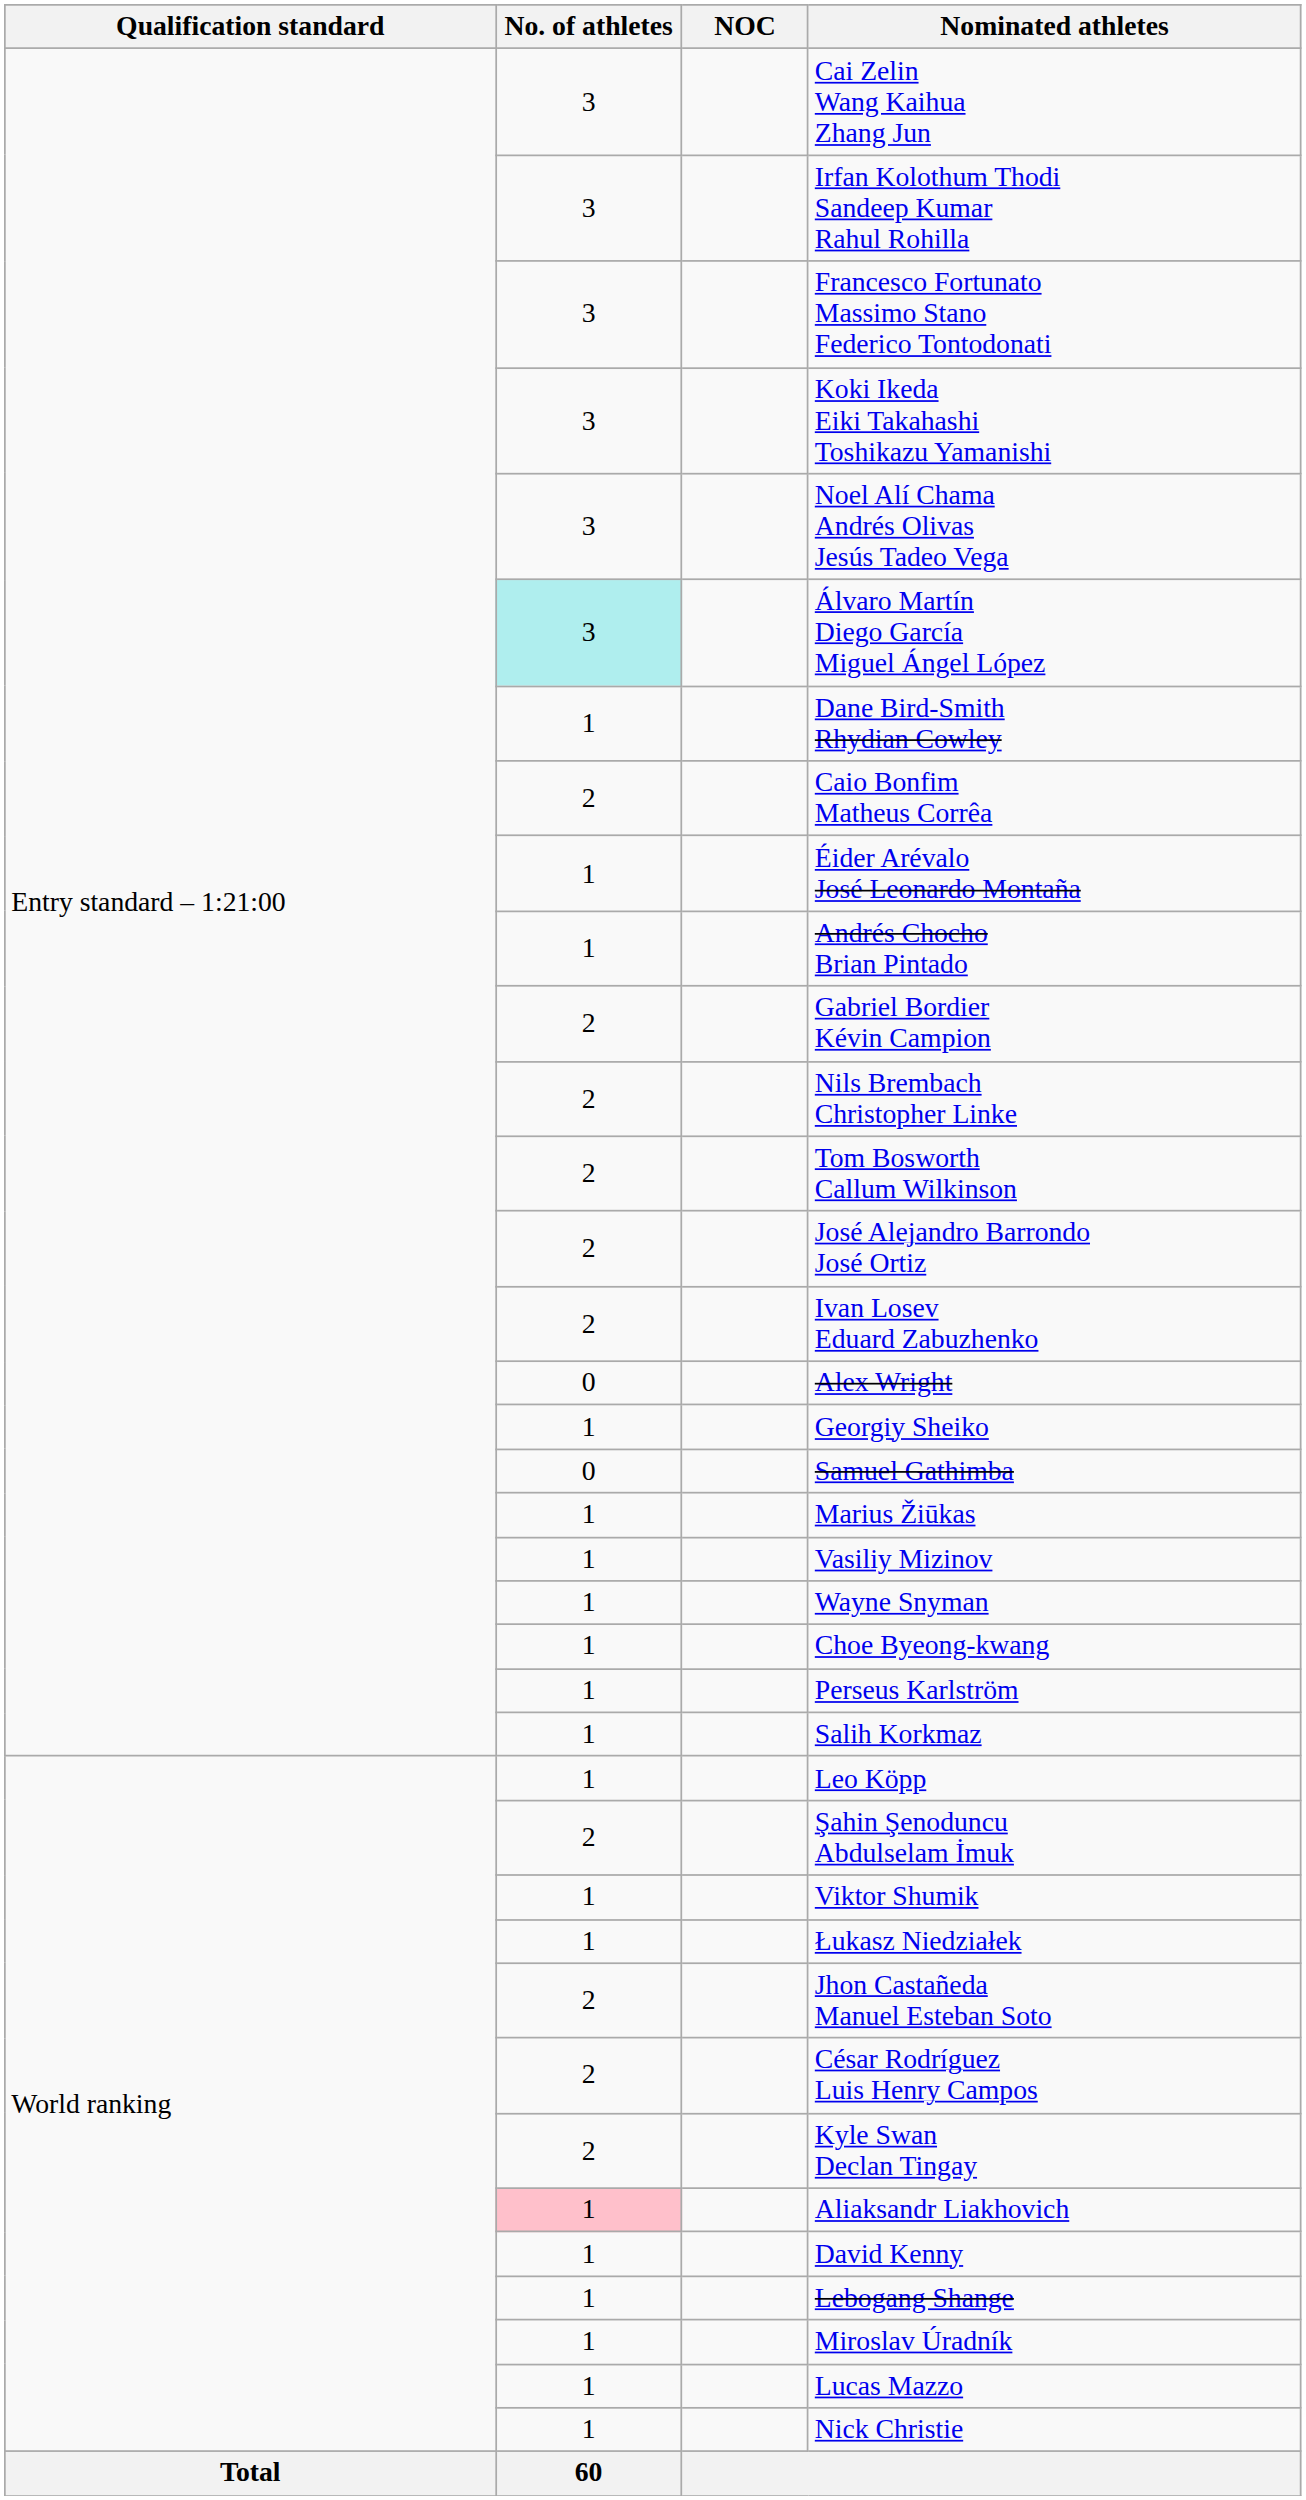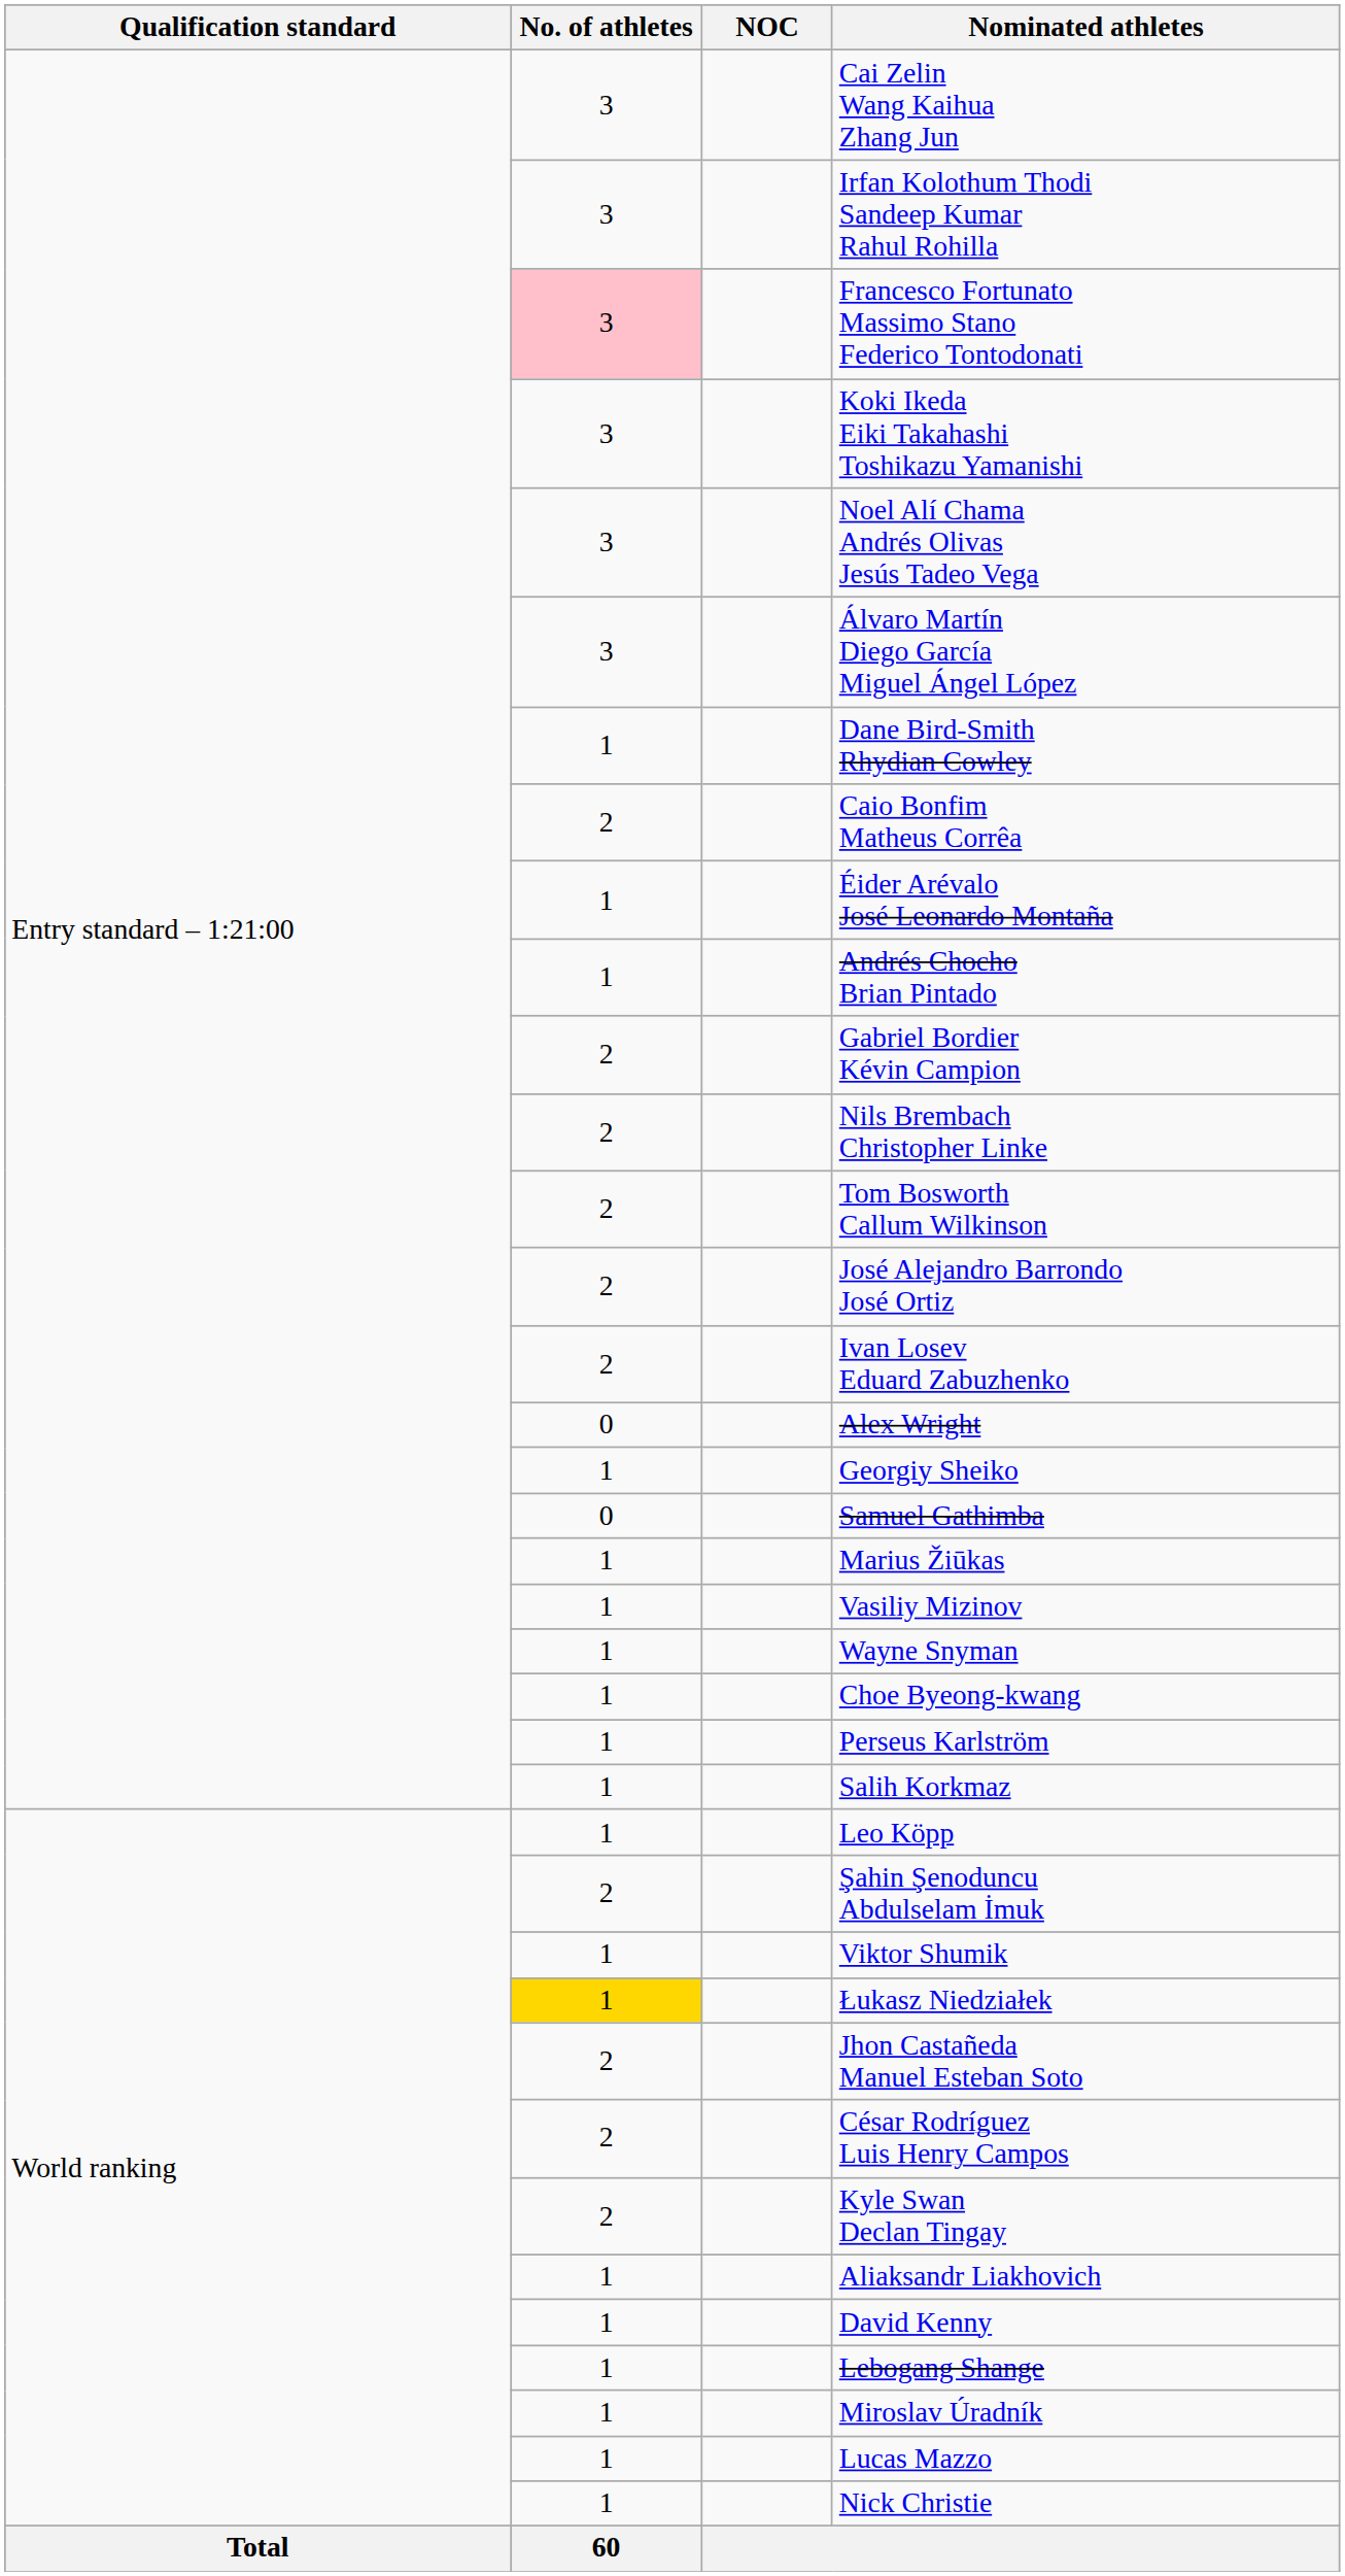 <table class="wikitable" style="text-align:left; width:750px;">
 <tr>
 <th>Qualification standard</th>
 <th width=100>No. of athletes</th>
 <th>NOC</th>
 <th>Nominated athletes</th>
 </tr>
 <tr>
 <td rowspan=24>Entry standard – 1:21:00</td>
 <td align=center>3</td>
 <td></td>
 <td><a href='#'>Cai Zelin</a><br><a href='#'>Wang Kaihua</a><br><a href='#'>Zhang Jun</a></td>
 </tr>
 <tr>
 <td align=center>3</td>
 <td></td>
 <td><a href='#'>Irfan Kolothum Thodi</a><br><a href='#'>Sandeep Kumar</a><br><a href='#'>Rahul Rohilla</a></td>
 </tr>
 <tr>
-<td align=center>3</td>
+<td align=center style="background: pink;">3</td>
 <td></td>
 <td><a href='#'>Francesco Fortunato</a><br><a href='#'>Massimo Stano</a><br><a href='#'>Federico Tontodonati</a></td>
 </tr>
 <tr>
 <td align=center>3</td>
 <td></td>
 <td><a href='#'>Koki Ikeda</a><br><a href='#'>Eiki Takahashi</a><br><a href='#'>Toshikazu Yamanishi</a></td>
 </tr>
 <tr>
 <td align=center>3</td>
 <td></td>
 <td><a href='#'>Noel Alí Chama</a><br><a href='#'>Andrés Olivas</a><br><a href='#'>Jesús Tadeo Vega</a></td>
 </tr>
 <tr>
-<td align=center style="background: paleturquoise;">3</td>
+<td align=center>3</td>
 <td></td>
 <td><a href='#'>Álvaro Martín</a><br><a href='#'>Diego García</a><br><a href='#'>Miguel Ángel López</a></td>
 </tr>
 <tr>
 <td align=center>1</td>
 <td></td>
 <td><a href='#'>Dane Bird-Smith</a><br><s><a href='#'>Rhydian Cowley</a></s></td>
 </tr>
 <tr>
 <td align=center>2</td>
 <td></td>
 <td><a href='#'>Caio Bonfim</a><br><a href='#'>Matheus Corrêa</a></td>
 </tr>
 <tr>
 <td align=center>1</td>
 <td></td>
 <td><a href='#'>Éider Arévalo</a><br><s><a href='#'>José Leonardo Montaña</a></s></td>
 </tr>
 <tr>
 <td align=center>1</td>
 <td></td>
 <td><s><a href='#'>Andrés Chocho</a></s><br><a href='#'>Brian Pintado</a></td>
 </tr>
 <tr>
 <td align=center>2</td>
 <td></td>
 <td><a href='#'>Gabriel Bordier</a><br><a href='#'>Kévin Campion</a></td>
 </tr>
 <tr>
 <td align=center>2</td>
 <td></td>
 <td><a href='#'>Nils Brembach</a><br><a href='#'>Christopher Linke</a></td>
 </tr>
 <tr>
 <td align=center>2</td>
 <td></td>
 <td><a href='#'>Tom Bosworth</a><br><a href='#'>Callum Wilkinson</a></td>
 </tr>
 <tr>
 <td align=center>2</td>
 <td></td>
 <td><a href='#'>José Alejandro Barrondo</a><br><a href='#'>José Ortiz</a></td>
 </tr>
 <tr>
 <td align=center>2</td>
 <td></td>
 <td><a href='#'>Ivan Losev</a><br><a href='#'>Eduard Zabuzhenko</a></td>
 </tr>
 <tr>
 <td align=center>0</td>
 <td></td>
 <td><s><a href='#'>Alex Wright</a></s></td>
 </tr>
 <tr>
 <td align=center>1</td>
 <td></td>
 <td><a href='#'>Georgiy Sheiko</a></td>
 </tr>
 <tr>
 <td align=center>0</td>
 <td></td>
 <td><s><a href='#'>Samuel Gathimba</a></s></td>
 </tr>
 <tr>
 <td align=center>1</td>
 <td></td>
 <td><a href='#'>Marius Žiūkas</a></td>
 </tr>
 <tr>
 <td align=center>1</td>
 <td></td>
 <td><a href='#'>Vasiliy Mizinov</a></td>
 </tr>
 <tr>
 <td align=center>1</td>
 <td></td>
 <td><a href='#'>Wayne Snyman</a></td>
 </tr>
 <tr>
 <td align=center>1</td>
 <td></td>
 <td><a href='#'>Choe Byeong-kwang</a></td>
 </tr>
 <tr>
 <td align=center>1</td>
 <td></td>
 <td><a href='#'>Perseus Karlström</a></td>
 </tr>
 <tr>
 <td align=center>1</td>
 <td></td>
 <td><a href='#'>Salih Korkmaz</a></td>
 </tr>
 <tr>
 <td rowspan=13>World ranking</td>
 <td align=center>1</td>
 <td></td>
 <td><a href='#'>Leo Köpp</a></td>
 </tr>
 <tr>
 <td align=center>2</td>
 <td></td>
 <td><a href='#'>Şahin Şenoduncu</a><br><a href='#'>Abdulselam İmuk</a></td>
 </tr>
 <tr>
 <td align=center>1</td>
 <td></td>
 <td><a href='#'>Viktor Shumik</a></td>
 </tr>
 <tr>
-<td align=center>1</td>
+<td align=center style="background: gold;">1</td>
 <td></td>
 <td><a href='#'>Łukasz Niedziałek</a></td>
 </tr>
 <tr>
 <td align=center>2</td>
 <td></td>
 <td><a href='#'>Jhon Castañeda</a><br><a href='#'>Manuel Esteban Soto</a></td>
 </tr>
 <tr>
 <td align=center>2</td>
 <td></td>
 <td><a href='#'>César Rodríguez</a><br><a href='#'>Luis Henry Campos</a></td>
 </tr>
 <tr>
 <td align=center>2</td>
 <td></td>
 <td><a href='#'>Kyle Swan</a><br><a href='#'>Declan Tingay</a></td>
 </tr>
 <tr>
-<td align=center style="background: pink;">1</td>
+<td align=center>1</td>
 <td></td>
 <td><a href='#'>Aliaksandr Liakhovich</a></td>
 </tr>
 <tr>
 <td align=center>1</td>
 <td></td>
 <td><a href='#'>David Kenny</a></td>
 </tr>
 <tr>
 <td align=center>1</td>
 <td></td>
 <td><s><a href='#'>Lebogang Shange</a></s></td>
 </tr>
 <tr>
 <td align=center>1</td>
 <td></td>
 <td><a href='#'>Miroslav Úradník</a></td>
 </tr>
 <tr>
 <td align=center>1</td>
 <td></td>
 <td><a href='#'>Lucas Mazzo</a></td>
 </tr>
 <tr>
 <td align=center>1</td>
 <td></td>
 <td><a href='#'>Nick Christie</a></td>
 </tr>
 <tr>
 <th>Total</th>
 <th>60</th>
 <th colspan=2></th>
 </tr>
 </table>
